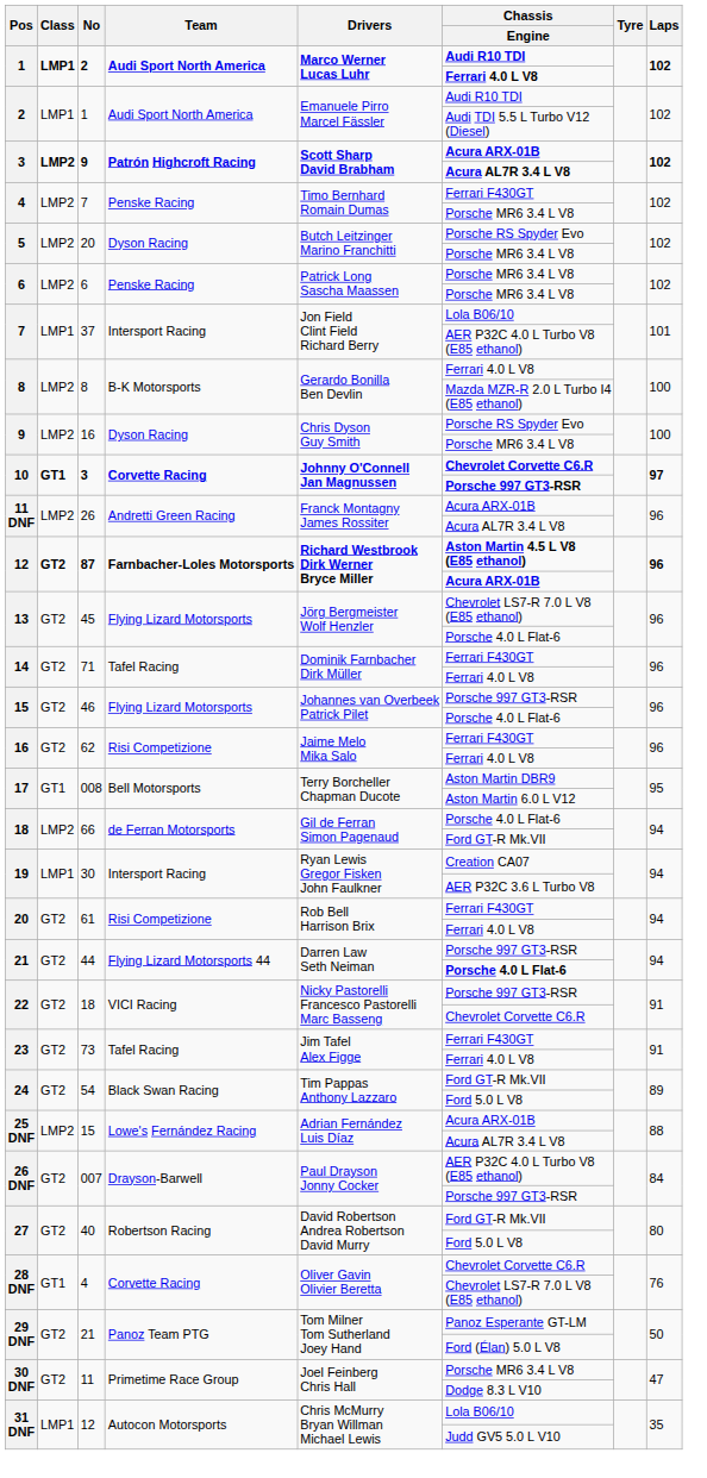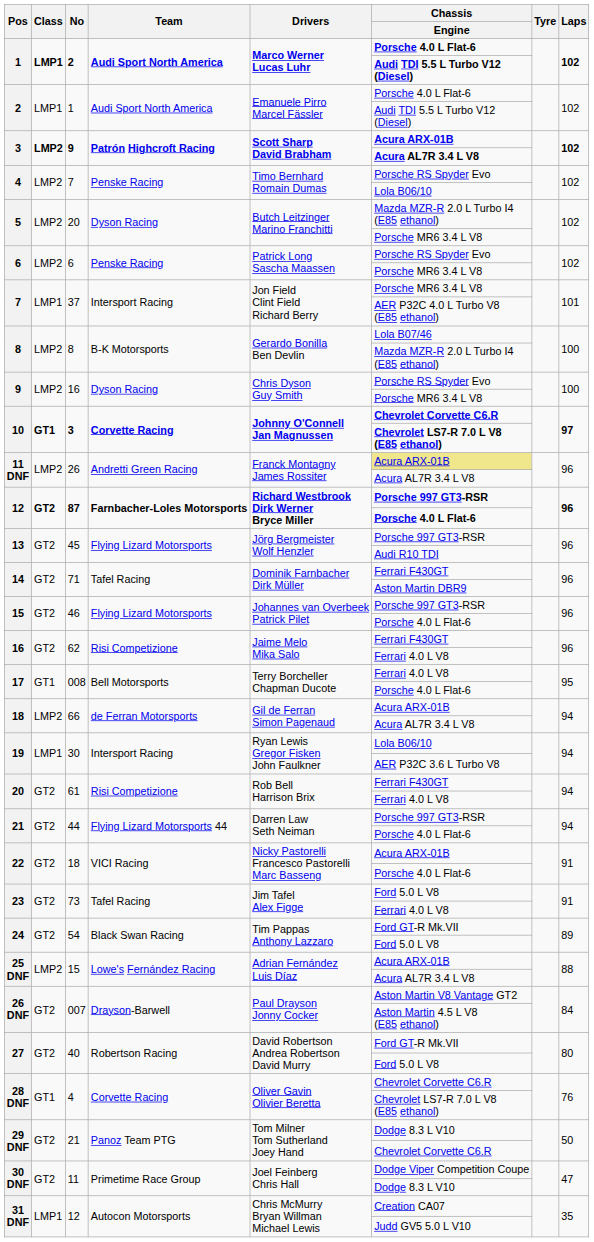 <table class="wikitable" style="font-size: 95%;">
 <tr>
 <th rowspan=2>Pos</th>
 <th rowspan=2>Class</th>
 <th rowspan=2>No</th>
 <th rowspan=2>Team</th>
 <th rowspan=2>Drivers</th>
 <th>Chassis</th>
 <th rowspan=2>Tyre</th>
 <th rowspan=2>Laps</th>
 </tr>
 <tr>
 <th>Engine</th>
 </tr>
 <tr style="font-weight:bold">
 <th rowspan=2>1</th>
 <td rowspan=2>LMP1</td>
 <td rowspan=2>2</td>
 <td rowspan=2> <a href='#'>Audi Sport North America</a></td>
 <td rowspan=2> <a href='#'>Marco Werner</a><br> <a href='#'>Lucas Luhr</a></td>
-<td><a href='#'>Audi R10 TDI</a></td>
+<td><a href='#'>Porsche</a> 4.0 L Flat-6</td>
 <td rowspan=2></td>
 <td rowspan=2>102</td>
 </tr>
 <tr style="font-weight:bold">
-<td><a href='#'>Ferrari</a> 4.0 L V8</td>
+<td><a href='#'>Audi</a> <a href='#'>TDI</a> 5.5 L Turbo V12<br>(<a href='#'>Diesel</a>)</td>
 </tr>
 <tr>
 <th rowspan=2>2</th>
 <td rowspan=2>LMP1</td>
 <td rowspan=2>1</td>
 <td rowspan=2> <a href='#'>Audi Sport North America</a></td>
 <td rowspan=2> <a href='#'>Emanuele Pirro</a><br> <a href='#'>Marcel Fässler</a></td>
-<td><a href='#'>Audi R10 TDI</a></td>
+<td><a href='#'>Porsche</a> 4.0 L Flat-6</td>
 <td rowspan=2></td>
 <td rowspan=2>102</td>
 </tr>
 <tr>
 <td><a href='#'>Audi</a> <a href='#'>TDI</a> 5.5 L Turbo V12<br>(<a href='#'>Diesel</a>)</td>
 </tr>
 <tr style="font-weight:bold">
 <th rowspan=2>3</th>
 <td rowspan=2>LMP2</td>
 <td rowspan=2>9</td>
 <td rowspan=2> <a href='#'>Patrón</a> <a href='#'>Highcroft Racing</a></td>
 <td rowspan=2> <a href='#'>Scott Sharp</a><br> <a href='#'>David Brabham</a></td>
 <td><a href='#'>Acura ARX-01B</a></td>
 <td rowspan=2></td>
 <td rowspan=2>102</td>
 </tr>
 <tr style="font-weight:bold">
 <td><a href='#'>Acura</a> AL7R 3.4 L V8</td>
 </tr>
 <tr>
 <th rowspan=2>4</th>
 <td rowspan=2>LMP2</td>
 <td rowspan=2>7</td>
 <td rowspan=2> <a href='#'>Penske Racing</a></td>
 <td rowspan=2> <a href='#'>Timo Bernhard</a><br> <a href='#'>Romain Dumas</a></td>
-<td><a href='#'>Ferrari F430GT</a></td>
+<td><a href='#'>Porsche RS Spyder</a> Evo</td>
 <td rowspan=2></td>
 <td rowspan=2>102</td>
 </tr>
 <tr>
-<td><a href='#'>Porsche</a> MR6 3.4 L V8</td>
+<td><a href='#'>Lola B06/10</a></td>
 </tr>
 <tr>
 <th rowspan=2>5</th>
 <td rowspan=2>LMP2</td>
 <td rowspan=2>20</td>
 <td rowspan=2> <a href='#'>Dyson Racing</a></td>
 <td rowspan=2> <a href='#'>Butch Leitzinger</a><br> <a href='#'>Marino Franchitti</a></td>
-<td><a href='#'>Porsche RS Spyder</a> Evo</td>
+<td><a href='#'>Mazda MZR-R</a> 2.0 L Turbo I4<br>(<a href='#'>E85</a> <a href='#'>ethanol</a>)</td>
 <td rowspan=2></td>
 <td rowspan=2>102</td>
 </tr>
 <tr>
 <td><a href='#'>Porsche</a> MR6 3.4 L V8</td>
 </tr>
 <tr>
 <th rowspan=2>6</th>
 <td rowspan=2>LMP2</td>
 <td rowspan=2>6</td>
 <td rowspan=2> <a href='#'>Penske Racing</a></td>
 <td rowspan=2> <a href='#'>Patrick Long</a><br> <a href='#'>Sascha Maassen</a></td>
-<td><a href='#'>Porsche</a> MR6 3.4 L V8</td>
+<td><a href='#'>Porsche RS Spyder</a> Evo</td>
 <td rowspan=2></td>
 <td rowspan=2>102</td>
 </tr>
 <tr>
 <td><a href='#'>Porsche</a> MR6 3.4 L V8</td>
 </tr>
 <tr>
 <th rowspan=2>7</th>
 <td rowspan=2>LMP1</td>
 <td rowspan=2>37</td>
 <td rowspan=2> Intersport Racing</td>
 <td rowspan=2> Jon Field<br> Clint Field<br> Richard Berry</td>
-<td><a href='#'>Lola B06/10</a></td>
+<td><a href='#'>Porsche</a> MR6 3.4 L V8</td>
 <td rowspan=2></td>
 <td rowspan=2>101</td>
 </tr>
 <tr>
 <td><a href='#'>AER</a> P32C 4.0 L Turbo V8<br>(<a href='#'>E85</a> <a href='#'>ethanol</a>)</td>
 </tr>
 <tr>
 <th rowspan=2>8</th>
 <td rowspan=2>LMP2</td>
 <td rowspan=2>8</td>
 <td rowspan=2> B-K Motorsports</td>
 <td rowspan=2> <a href='#'>Gerardo Bonilla</a><br> Ben Devlin</td>
-<td><a href='#'>Ferrari</a> 4.0 L V8</td>
+<td><a href='#'>Lola B07/46</a></td>
 <td rowspan=2></td>
 <td rowspan=2>100</td>
 </tr>
 <tr>
 <td><a href='#'>Mazda MZR-R</a> 2.0 L Turbo I4<br>(<a href='#'>E85</a> <a href='#'>ethanol</a>)</td>
 </tr>
 <tr>
 <th rowspan=2>9</th>
 <td rowspan=2>LMP2</td>
 <td rowspan=2>16</td>
 <td rowspan=2> <a href='#'>Dyson Racing</a></td>
 <td rowspan=2> <a href='#'>Chris Dyson</a><br> <a href='#'>Guy Smith</a></td>
 <td><a href='#'>Porsche RS Spyder</a> Evo</td>
 <td rowspan=2></td>
 <td rowspan=2>100</td>
 </tr>
 <tr>
 <td><a href='#'>Porsche</a> MR6 3.4 L V8</td>
 </tr>
 <tr style="font-weight:bold">
 <th rowspan=2>10</th>
 <td rowspan=2>GT1</td>
 <td rowspan=2>3</td>
 <td rowspan=2> <a href='#'>Corvette Racing</a></td>
 <td rowspan=2> <a href='#'>Johnny O'Connell</a><br> <a href='#'>Jan Magnussen</a></td>
 <td><a href='#'>Chevrolet Corvette C6.R</a></td>
 <td rowspan=2></td>
 <td rowspan=2>97</td>
 </tr>
 <tr style="font-weight:bold">
-<td><a href='#'>Porsche 997 GT3</a>-RSR</td>
+<td><a href='#'>Chevrolet</a> LS7-R 7.0 L V8<br>(<a href='#'>E85</a> <a href='#'>ethanol</a>)</td>
 </tr>
 <tr>
 <th rowspan=2>11<br>DNF</th>
 <td rowspan=2>LMP2</td>
 <td rowspan=2>26</td>
 <td rowspan=2> <a href='#'>Andretti Green Racing</a></td>
 <td rowspan=2> <a href='#'>Franck Montagny</a><br> <a href='#'>James Rossiter</a></td>
-<td><a href='#'>Acura ARX-01B</a></td>
+<td style="background: khaki;"><a href='#'>Acura ARX-01B</a></td>
 <td rowspan=2></td>
 <td rowspan=2>96</td>
 </tr>
 <tr>
 <td><a href='#'>Acura</a> AL7R 3.4 L V8</td>
 </tr>
 <tr style="font-weight:bold">
 <th rowspan=2>12</th>
 <td rowspan=2>GT2</td>
 <td rowspan=2>87</td>
 <td rowspan=2> Farnbacher-Loles Motorsports</td>
 <td rowspan=2> <a href='#'>Richard Westbrook</a><br> <a href='#'>Dirk Werner</a><br> Bryce Miller</td>
-<td><a href='#'>Aston Martin</a> 4.5 L V8<br>(<a href='#'>E85</a> <a href='#'>ethanol</a>)</td>
+<td><a href='#'>Porsche 997 GT3</a>-RSR</td>
 <td rowspan=2></td>
 <td rowspan=2>96</td>
 </tr>
 <tr style="font-weight:bold">
-<td><a href='#'>Acura ARX-01B</a></td>
+<td><a href='#'>Porsche</a> 4.0 L Flat-6</td>
 </tr>
 <tr>
 <th rowspan=2>13</th>
 <td rowspan=2>GT2</td>
 <td rowspan=2>45</td>
 <td rowspan=2> <a href='#'>Flying Lizard Motorsports</a></td>
 <td rowspan=2> <a href='#'>Jörg Bergmeister</a><br> <a href='#'>Wolf Henzler</a></td>
-<td><a href='#'>Chevrolet</a> LS7-R 7.0 L V8<br>(<a href='#'>E85</a> <a href='#'>ethanol</a>)</td>
+<td><a href='#'>Porsche 997 GT3</a>-RSR</td>
 <td rowspan=2></td>
 <td rowspan=2>96</td>
 </tr>
 <tr>
-<td><a href='#'>Porsche</a> 4.0 L Flat-6</td>
+<td><a href='#'>Audi R10 TDI</a></td>
 </tr>
 <tr>
 <th rowspan=2>14</th>
 <td rowspan=2>GT2</td>
 <td rowspan=2>71</td>
 <td rowspan=2> Tafel Racing</td>
 <td rowspan=2> <a href='#'>Dominik Farnbacher</a><br> <a href='#'>Dirk Müller</a></td>
 <td><a href='#'>Ferrari F430GT</a></td>
 <td rowspan=2></td>
 <td rowspan=2>96</td>
 </tr>
 <tr>
-<td><a href='#'>Ferrari</a> 4.0 L V8</td>
+<td><a href='#'>Aston Martin DBR9</a></td>
 </tr>
 <tr>
 <th rowspan=2>15</th>
 <td rowspan=2>GT2</td>
 <td rowspan=2>46</td>
 <td rowspan=2> <a href='#'>Flying Lizard Motorsports</a></td>
 <td rowspan=2> <a href='#'>Johannes van Overbeek</a><br> <a href='#'>Patrick Pilet</a></td>
 <td><a href='#'>Porsche 997 GT3</a>-RSR</td>
 <td rowspan=2></td>
 <td rowspan=2>96</td>
 </tr>
 <tr>
 <td><a href='#'>Porsche</a> 4.0 L Flat-6</td>
 </tr>
 <tr>
 <th rowspan=2>16</th>
 <td rowspan=2>GT2</td>
 <td rowspan=2>62</td>
 <td rowspan=2> <a href='#'>Risi Competizione</a></td>
 <td rowspan=2> <a href='#'>Jaime Melo</a><br> <a href='#'>Mika Salo</a></td>
 <td><a href='#'>Ferrari F430GT</a></td>
 <td rowspan=2></td>
 <td rowspan=2>96</td>
 </tr>
 <tr>
 <td><a href='#'>Ferrari</a> 4.0 L V8</td>
 </tr>
 <tr>
 <th rowspan=2>17</th>
 <td rowspan=2>GT1</td>
 <td rowspan=2>008</td>
 <td rowspan=2> Bell Motorsports</td>
 <td rowspan=2> Terry Borcheller<br> Chapman Ducote</td>
-<td><a href='#'>Aston Martin DBR9</a></td>
+<td><a href='#'>Ferrari</a> 4.0 L V8</td>
 <td rowspan=2></td>
 <td rowspan=2>95</td>
 </tr>
 <tr>
-<td><a href='#'>Aston Martin</a> 6.0 L V12</td>
+<td><a href='#'>Porsche</a> 4.0 L Flat-6</td>
 </tr>
 <tr>
 <th rowspan=2>18</th>
 <td rowspan=2>LMP2</td>
 <td rowspan=2>66</td>
 <td rowspan=2> <a href='#'>de Ferran Motorsports</a></td>
 <td rowspan=2> <a href='#'>Gil de Ferran</a><br> <a href='#'>Simon Pagenaud</a></td>
-<td><a href='#'>Porsche</a> 4.0 L Flat-6</td>
+<td><a href='#'>Acura ARX-01B</a></td>
 <td rowspan=2></td>
 <td rowspan=2>94</td>
 </tr>
 <tr>
-<td><a href='#'>Ford GT</a>-R Mk.VII</td>
+<td><a href='#'>Acura</a> AL7R 3.4 L V8</td>
 </tr>
 <tr>
 <th rowspan=2>19</th>
 <td rowspan=2>LMP1</td>
 <td rowspan=2>30</td>
 <td rowspan=2> Intersport Racing</td>
 <td rowspan=2> Ryan Lewis<br> <a href='#'>Gregor Fisken</a><br> John Faulkner</td>
-<td><a href='#'>Creation</a> CA07</td>
+<td><a href='#'>Lola B06/10</a></td>
 <td rowspan=2></td>
 <td rowspan=2>94</td>
 </tr>
 <tr>
 <td><a href='#'>AER</a> P32C 3.6 L Turbo V8</td>
 </tr>
 <tr>
 <th rowspan=2>20</th>
 <td rowspan=2>GT2</td>
 <td rowspan=2>61</td>
 <td rowspan=2> <a href='#'>Risi Competizione</a></td>
 <td rowspan=2> Rob Bell<br> Harrison Brix</td>
 <td><a href='#'>Ferrari F430GT</a></td>
 <td rowspan=2></td>
 <td rowspan=2>94</td>
 </tr>
 <tr>
 <td><a href='#'>Ferrari</a> 4.0 L V8</td>
 </tr>
 <tr>
 <th rowspan=2>21</th>
 <td rowspan=2>GT2</td>
 <td rowspan=2>44</td>
 <td rowspan=2> <a href='#'>Flying Lizard Motorsports</a> 44</td>
 <td rowspan=2> Darren Law<br> Seth Neiman</td>
 <td><a href='#'>Porsche 997 GT3</a>-RSR</td>
 <td rowspan=2></td>
 <td rowspan=2>94</td>
 </tr>
 <tr>
-<td><strong><a href='#'>Porsche</a> 4.0 L Flat-6</strong></td>
+<td><a href='#'>Porsche</a> 4.0 L Flat-6</td>
 </tr>
 <tr>
 <th rowspan=2>22</th>
 <td rowspan=2>GT2</td>
 <td rowspan=2>18</td>
 <td rowspan=2> VICI Racing</td>
 <td rowspan=2> <a href='#'>Nicky Pastorelli</a><br> Francesco Pastorelli<br> <a href='#'>Marc Basseng</a></td>
-<td><a href='#'>Porsche 997 GT3</a>-RSR</td>
+<td><a href='#'>Acura ARX-01B</a></td>
 <td rowspan=2></td>
 <td rowspan=2>91</td>
 </tr>
 <tr>
-<td><a href='#'>Chevrolet Corvette C6.R</a></td>
+<td><a href='#'>Porsche</a> 4.0 L Flat-6</td>
 </tr>
 <tr>
 <th rowspan=2>23</th>
 <td rowspan=2>GT2</td>
 <td rowspan=2>73</td>
 <td rowspan=2> Tafel Racing</td>
 <td rowspan=2> Jim Tafel<br> <a href='#'>Alex Figge</a></td>
-<td><a href='#'>Ferrari F430GT</a></td>
+<td><a href='#'>Ford</a> 5.0 L V8</td>
 <td rowspan=2></td>
 <td rowspan=2>91</td>
 </tr>
 <tr>
 <td><a href='#'>Ferrari</a> 4.0 L V8</td>
 </tr>
 <tr>
 <th rowspan=2>24</th>
 <td rowspan=2>GT2</td>
 <td rowspan=2>54</td>
 <td rowspan=2> Black Swan Racing</td>
 <td rowspan=2> Tim Pappas<br> <a href='#'>Anthony Lazzaro</a></td>
 <td><a href='#'>Ford GT</a>-R Mk.VII</td>
 <td rowspan=2></td>
 <td rowspan=2>89</td>
 </tr>
 <tr>
 <td><a href='#'>Ford</a> 5.0 L V8</td>
 </tr>
 <tr>
 <th rowspan=2>25<br>DNF</th>
 <td rowspan=2>LMP2</td>
 <td rowspan=2>15</td>
 <td rowspan=2> <a href='#'>Lowe's</a> <a href='#'>Fernández Racing</a></td>
 <td rowspan=2> <a href='#'>Adrian Fernández</a><br> <a href='#'>Luis Díaz</a></td>
 <td><a href='#'>Acura ARX-01B</a></td>
 <td rowspan=2></td>
 <td rowspan=2>88</td>
 </tr>
 <tr>
 <td><a href='#'>Acura</a> AL7R 3.4 L V8</td>
 </tr>
 <tr>
 <th rowspan=2>26<br>DNF</th>
 <td rowspan=2>GT2</td>
 <td rowspan=2>007</td>
 <td rowspan=2> <a href='#'>Drayson</a>-Barwell</td>
 <td rowspan=2> <a href='#'>Paul Drayson</a><br> <a href='#'>Jonny Cocker</a></td>
-<td><a href='#'>AER</a> P32C 4.0 L Turbo V8<br>(<a href='#'>E85</a> <a href='#'>ethanol</a>)</td>
+<td><a href='#'>Aston Martin V8 Vantage</a> GT2</td>
 <td rowspan=2></td>
 <td rowspan=2>84</td>
 </tr>
 <tr>
-<td><a href='#'>Porsche 997 GT3</a>-RSR</td>
+<td><a href='#'>Aston Martin</a> 4.5 L V8<br>(<a href='#'>E85</a> <a href='#'>ethanol</a>)</td>
 </tr>
 <tr>
 <th rowspan=2>27</th>
 <td rowspan=2>GT2</td>
 <td rowspan=2>40</td>
 <td rowspan=2> Robertson Racing</td>
 <td rowspan=2> David Robertson<br> Andrea Robertson<br> David Murry</td>
 <td><a href='#'>Ford GT</a>-R Mk.VII</td>
 <td rowspan=2></td>
 <td rowspan=2>80</td>
 </tr>
 <tr>
 <td><a href='#'>Ford</a> 5.0 L V8</td>
 </tr>
 <tr>
 <th rowspan=2>28<br>DNF</th>
 <td rowspan=2>GT1</td>
 <td rowspan=2>4</td>
 <td rowspan=2> <a href='#'>Corvette Racing</a></td>
 <td rowspan=2> <a href='#'>Oliver Gavin</a><br> <a href='#'>Olivier Beretta</a></td>
 <td><a href='#'>Chevrolet Corvette C6.R</a></td>
 <td rowspan=2></td>
 <td rowspan=2>76</td>
 </tr>
 <tr>
 <td><a href='#'>Chevrolet</a> LS7-R 7.0 L V8<br>(<a href='#'>E85</a> <a href='#'>ethanol</a>)</td>
 </tr>
 <tr>
 <th rowspan=2>29<br>DNF</th>
 <td rowspan=2>GT2</td>
 <td rowspan=2>21</td>
 <td rowspan=2> <a href='#'>Panoz</a> Team PTG</td>
 <td rowspan=2> Tom Milner<br> Tom Sutherland<br> Joey Hand</td>
-<td><a href='#'>Panoz Esperante</a> GT-LM</td>
+<td><a href='#'>Dodge</a> 8.3 L V10</td>
 <td rowspan=2></td>
 <td rowspan=2>50</td>
 </tr>
 <tr>
-<td><a href='#'>Ford</a> (<a href='#'>Élan</a>) 5.0 L V8</td>
+<td><a href='#'>Chevrolet Corvette C6.R</a></td>
 </tr>
 <tr>
 <th rowspan=2>30<br>DNF</th>
 <td rowspan=2>GT2</td>
 <td rowspan=2>11</td>
 <td rowspan=2> Primetime Race Group</td>
 <td rowspan=2> Joel Feinberg<br> Chris Hall</td>
-<td><a href='#'>Porsche</a> MR6 3.4 L V8</td>
+<td><a href='#'>Dodge Viper</a> Competition Coupe</td>
 <td rowspan=2></td>
 <td rowspan=2>47</td>
 </tr>
 <tr>
 <td><a href='#'>Dodge</a> 8.3 L V10</td>
 </tr>
 <tr>
 <th rowspan=2>31<br>DNF</th>
 <td rowspan=2>LMP1</td>
 <td rowspan=2>12</td>
 <td rowspan=2> Autocon Motorsports</td>
 <td rowspan=2> Chris McMurry<br> Bryan Willman<br> Michael Lewis</td>
-<td><a href='#'>Lola B06/10</a></td>
+<td><a href='#'>Creation</a> CA07</td>
 <td rowspan=2></td>
 <td rowspan=2>35</td>
 </tr>
 <tr>
 <td><a href='#'>Judd</a> GV5 5.0 L V10</td>
 </tr>
 </table>
